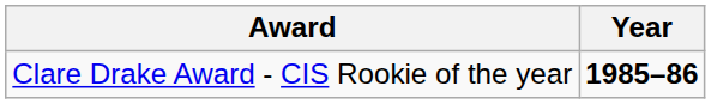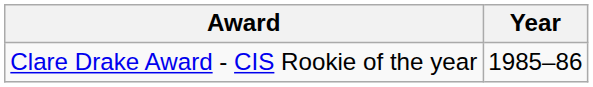 <table class="wikitable">
 <tr>
 <th>Award</th>
 <th>Year</th>
 </tr>
 <tr>
 <td><a href='#'>Clare Drake Award</a> - <a href='#'>CIS</a> Rookie of the year </td>
-<td><strong>1985–86</strong></td>
+<td>1985–86</td>
 </tr>
 </table>
